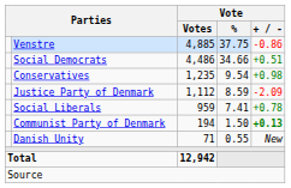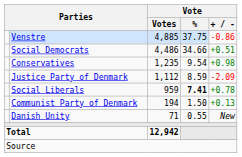 <table class="wikitable" style="text-align:right;">
 <tr>
 <th style="text-align:centre;" rowspan="2" colspan="2" width="225">Parties</th>
 <th colspan="3">Vote</th>
 </tr>
 <tr>
 <th width="15">Votes</th>
 <th width="15">%</th>
 <th width="15">+ / -</th>
 </tr>
 <tr>
 <td width="2" style="color:inherit;background:"></td>
 <td bgcolor=#cfe5fe  align="left"><a href='#'>Venstre</a></td>
 <td bgcolor=#cfe5fe>4,885</td>
 <td bgcolor=#cfe5fe>37.75</td>
 <td style=color:red;>-0.86</td>
 </tr>
 <tr>
 <td width="2" style="color:inherit;background:"></td>
 <td align="left"><a href='#'>Social Democrats</a></td>
 <td>4,486</td>
 <td>34.66</td>
 <td style=color:green;>+0.51</td>
 </tr>
 <tr>
 <td width="2" style="color:inherit;background:"></td>
 <td align="left"><a href='#'>Conservatives</a></td>
 <td>1,235</td>
 <td>9.54</td>
 <td style=color:green;>+0.98</td>
 </tr>
 <tr>
 <td width="2" style="color:inherit;background:"></td>
 <td align="left"><a href='#'>Justice Party of Denmark</a></td>
 <td>1,112</td>
 <td>8.59</td>
 <td style=color:red;>-2.09</td>
 </tr>
 <tr>
 <td width="2" style="color:inherit;background:"></td>
 <td align="left"><a href='#'>Social Liberals</a></td>
 <td>959</td>
-<td>7.41</td>
+<td><strong>7.41</strong></td>
 <td style=color:green;>+0.78</td>
 </tr>
 <tr>
 <td width="2" style="color:inherit;background:"></td>
 <td align="left"><a href='#'>Communist Party of Denmark</a></td>
 <td>194</td>
 <td>1.50</td>
-<td style=color:green;><strong>+0.13</strong></td>
+<td style=color:green;>+0.13</td>
 </tr>
 <tr>
 <td width="2" style="color:inherit;background:"></td>
 <td align="left"><a href='#'>Danish Unity</a></td>
 <td>71</td>
 <td>0.55</td>
 <td><em>New</em></td>
 </tr>
 <tr>
 <td colspan="7" bgcolor="#E9E9E9"></td>
 </tr>
 <tr>
 <td align="left" colspan="2"><strong>Total</strong></td>
 <td><strong>12,942</strong></td>
 <td bgcolor="#E9E9E9" colspan="2"></td>
 </tr>
 <tr>
 <td align="left" colspan="6">Source</td>
 </tr>
 </table>
